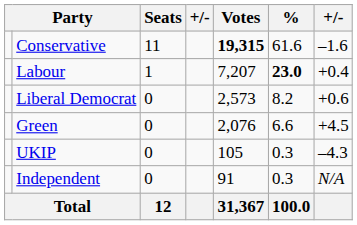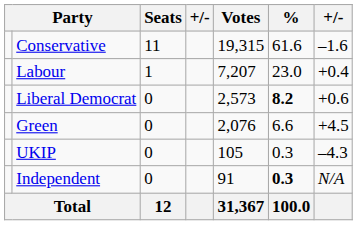 <table class="wikitable sortable">
 <tr>
 <th colspan="2">Party</th>
 <th>Seats</th>
 <th>+/-</th>
 <th>Votes</th>
 <th>%</th>
 <th>+/-</th>
 </tr>
 <tr>
 <td style="background-color: "></td>
 <td><a href='#'>Conservative</a></td>
 <td>11</td>
 <td></td>
-<td><strong>19,315</strong></td>
+<td>19,315</td>
 <td>61.6</td>
 <td>–1.6</td>
 </tr>
 <tr>
 <td style="background-color: "></td>
 <td><a href='#'>Labour</a></td>
 <td>1</td>
 <td></td>
 <td>7,207</td>
-<td><strong>23.0</strong></td>
+<td>23.0</td>
 <td>+0.4</td>
 </tr>
 <tr>
 <td style="background-color: "></td>
 <td><a href='#'>Liberal Democrat</a></td>
 <td>0</td>
 <td></td>
 <td>2,573</td>
-<td>8.2</td>
+<td><strong>8.2</strong></td>
 <td>+0.6</td>
 </tr>
 <tr>
 <td style="background-color: "></td>
 <td><a href='#'>Green</a></td>
 <td>0</td>
 <td></td>
 <td>2,076</td>
 <td>6.6</td>
 <td>+4.5</td>
 </tr>
 <tr>
 <td style="background-color: "></td>
 <td><a href='#'>UKIP</a></td>
 <td>0</td>
 <td></td>
 <td>105</td>
 <td>0.3</td>
 <td>–4.3</td>
 </tr>
 <tr>
 <td style="background-color: "></td>
 <td><a href='#'>Independent</a></td>
 <td>0</td>
 <td></td>
 <td>91</td>
-<td>0.3</td>
+<td><strong>0.3</strong></td>
 <td><em>N/A</em></td>
 </tr>
 <tr>
 <th colspan="2"><strong>Total</strong></th>
 <th>12</th>
 <th></th>
 <th>31,367</th>
 <th>100.0</th>
 <th></th>
 </tr>
 </table>
